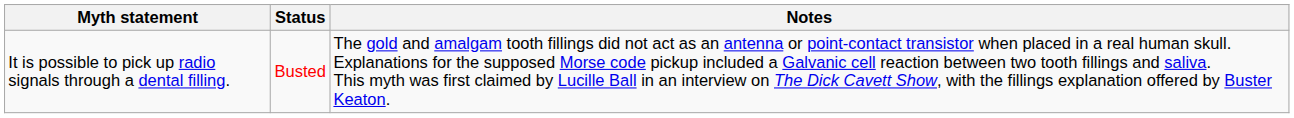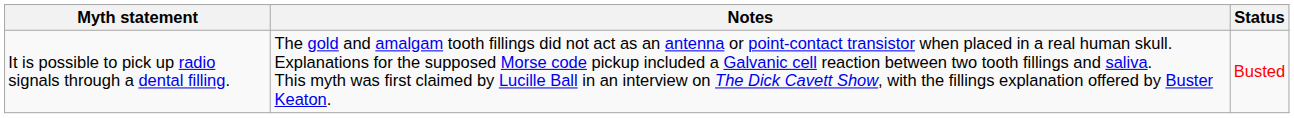 <table class="wikitable plainrowheaders">
 <tr>
 <th>Myth statement</th>
+<th>Notes</th>
 <th>Status</th>
-<th>Notes</th>
 </tr>
 <tr>
 <td>It is possible to pick up <a href='#'>radio</a> signals through a <a href='#'>dental filling</a>.</td>
+<td>The <a href='#'>gold</a> and <a href='#'>amalgam</a> tooth fillings did not act as an <a href='#'>antenna</a> or <a href='#'>point-contact transistor</a> when placed in a real human skull. Explanations for the supposed <a href='#'>Morse code</a> pickup included a <a href='#'>Galvanic cell</a> reaction between two tooth fillings and <a href='#'>saliva</a>.<br>This myth was first claimed by <a href='#'>Lucille Ball</a> in an interview on <em><a href='#'>The Dick Cavett Show</a></em>, with the fillings explanation offered by <a href='#'>Buster Keaton</a>.</td>
 <td style="color:red">Busted</td>
-<td>The <a href='#'>gold</a> and <a href='#'>amalgam</a> tooth fillings did not act as an <a href='#'>antenna</a> or <a href='#'>point-contact transistor</a> when placed in a real human skull. Explanations for the supposed <a href='#'>Morse code</a> pickup included a <a href='#'>Galvanic cell</a> reaction between two tooth fillings and <a href='#'>saliva</a>.<br>This myth was first claimed by <a href='#'>Lucille Ball</a> in an interview on <em><a href='#'>The Dick Cavett Show</a></em>, with the fillings explanation offered by <a href='#'>Buster Keaton</a>.</td>
 </tr>
 </table>
